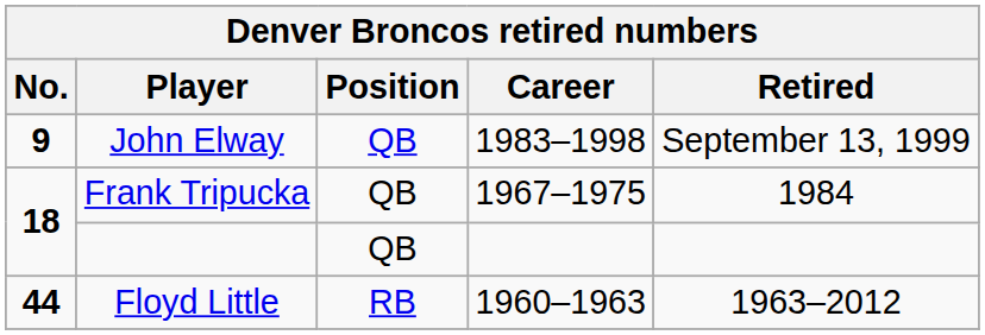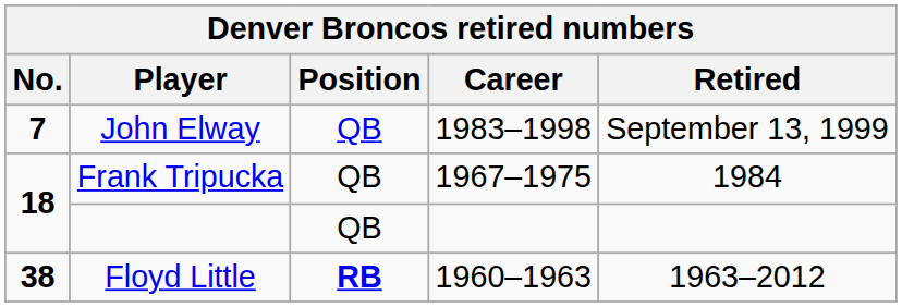 <table class="wikitable sortable" style="text-align:center">
 <tr>
 <th colspan="5">Denver Broncos retired numbers</th>
 </tr>
 <tr>
 <th>No.</th>
 <th>Player</th>
 <th>Position</th>
 <th>Career</th>
 <th>Retired</th>
 </tr>
 <tr>
-<td><strong>9</strong></td>
+<td><strong>7</strong></td>
 <td><a href='#'>John Elway</a></td>
 <td><a href='#'>QB</a></td>
 <td>1983–1998</td>
 <td>September 13, 1999</td>
 </tr>
 <tr>
 <td rowspan=2><strong>18</strong></td>
 <td><a href='#'>Frank Tripucka</a></td>
 <td>QB</td>
 <td>1967–1975</td>
 <td>1984</td>
 </tr>
 <tr>
 <td></td>
 <td>QB</td>
 <td></td>
 <td></td>
 </tr>
 <tr>
-<td><strong>44</strong></td>
+<td><strong>38</strong></td>
 <td><a href='#'>Floyd Little</a></td>
-<td><a href='#'>RB</a></td>
+<td><strong><a href='#'>RB</a></strong></td>
 <td>1960–1963</td>
 <td>1963–2012</td>
 </tr>
 </table>
